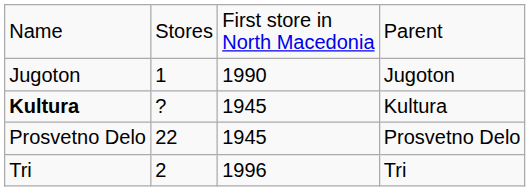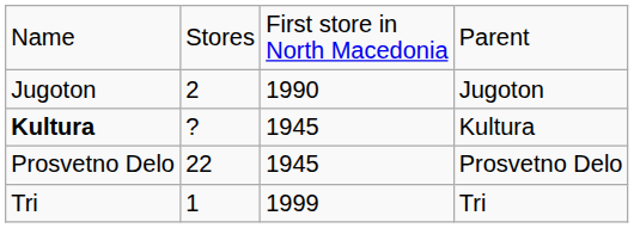 <table class="wikitable sortable">
 <tr>
 <td>Name</td>
 <td>Stores</td>
 <td>First store in<br><a href='#'>North Macedonia</a></td>
 <td>Parent</td>
 </tr>
 <tr>
 <td>Jugoton</td>
-<td>1</td>
+<td>2</td>
 <td>1990</td>
 <td>Jugoton</td>
 </tr>
 <tr>
 <td><strong>Kultura</strong></td>
 <td>?</td>
 <td>1945</td>
 <td>Kultura</td>
 </tr>
 <tr>
 <td>Prosvetno Delo</td>
 <td>22</td>
 <td>1945</td>
 <td>Prosvetno Delo</td>
 </tr>
 <tr>
 <td>Tri</td>
-<td>2</td>
-<td>1996</td>
+<td>1</td>
+<td>1999</td>
 <td>Tri</td>
 </tr>
 </table>
